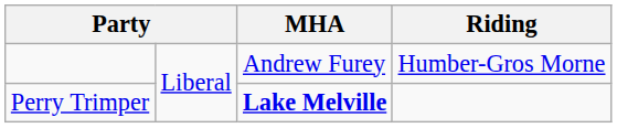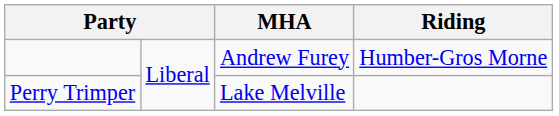 <table class="wikitable">
 <tr>
 <th colspan="2">Party</th>
 <th>MHA</th>
 <th>Riding</th>
 </tr>
 <tr>
 <td style="background-color:"> </td>
 <td rowspan="5"><a href='#'>Liberal</a></td>
 <td><a href='#'>Andrew Furey</a></td>
 <td><a href='#'>Humber-Gros Morne</a></td>
 </tr>
 <tr>
 <td><a href='#'>Perry Trimper</a></td>
-<td><strong><a href='#'>Lake Melville</a></strong></td>
+<td><a href='#'>Lake Melville</a></td>
 </tr>
 </table>
